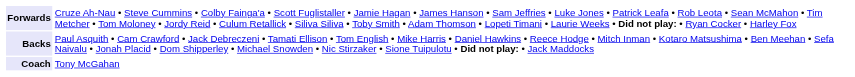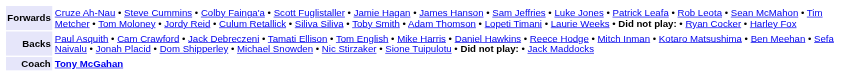 <table cellpadding="2" style="border: 1px solid white; font-size:90%;">
 <tr>
 <td style="text-align:right;" bgcolor="lavender"><strong>Forwards</strong></td>
 <td style="text-align:left;"><a href='#'>Cruze Ah-Nau</a> • <a href='#'>Steve Cummins</a> • <a href='#'>Colby Fainga'a</a> • <a href='#'>Scott Fuglistaller</a> • <a href='#'>Jamie Hagan</a> • <a href='#'>James Hanson</a> • <a href='#'>Sam Jeffries</a> • <a href='#'>Luke Jones</a> • <a href='#'>Patrick Leafa</a> • <a href='#'>Rob Leota</a> • <a href='#'>Sean McMahon</a> • <a href='#'>Tim Metcher</a> • <a href='#'>Tom Moloney</a> • <a href='#'>Jordy Reid</a> • <a href='#'>Culum Retallick</a> • <a href='#'>Siliva Siliva</a> • <a href='#'>Toby Smith</a> • <a href='#'>Adam Thomson</a> • <a href='#'>Lopeti Timani</a> • <a href='#'>Laurie Weeks</a> • <strong>Did not play:</strong> • <a href='#'>Ryan Cocker</a> • <a href='#'>Harley Fox</a></td>
 </tr>
 <tr>
 <td style="text-align:right;" bgcolor="lavender"><strong>Backs</strong></td>
 <td style="text-align:left;"><a href='#'>Paul Asquith</a> • <a href='#'>Cam Crawford</a> • <a href='#'>Jack Debreczeni</a> • <a href='#'>Tamati Ellison</a> • <a href='#'>Tom English</a> • <a href='#'>Mike Harris</a> • <a href='#'>Daniel Hawkins</a> • <a href='#'>Reece Hodge</a> • <a href='#'>Mitch Inman</a> • <a href='#'>Kotaro Matsushima</a> • <a href='#'>Ben Meehan</a> • <a href='#'>Sefa Naivalu</a> • <a href='#'>Jonah Placid</a> • <a href='#'>Dom Shipperley</a> • <a href='#'>Michael Snowden</a> • <a href='#'>Nic Stirzaker</a> • <a href='#'>Sione Tuipulotu</a> • <strong>Did not play:</strong> • <a href='#'>Jack Maddocks</a></td>
 </tr>
 <tr>
 <td style="text-align:right;" bgcolor="lavender"><strong>Coach</strong></td>
-<td style="text-align:left;"><a href='#'>Tony McGahan</a></td>
+<td style="text-align:left;"><strong><a href='#'>Tony McGahan</a></strong></td>
 </tr>
 </table>
